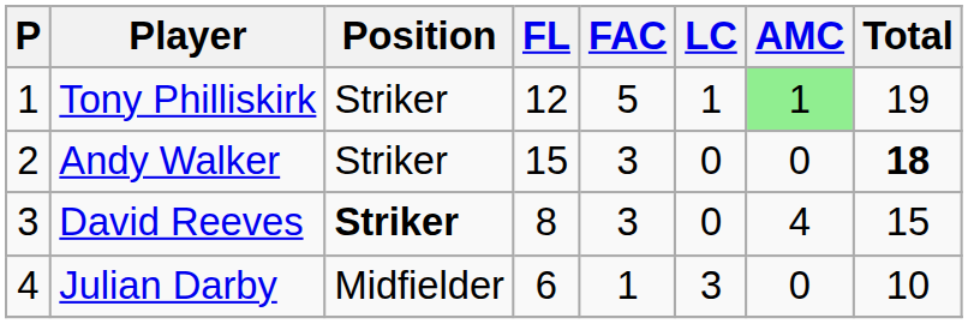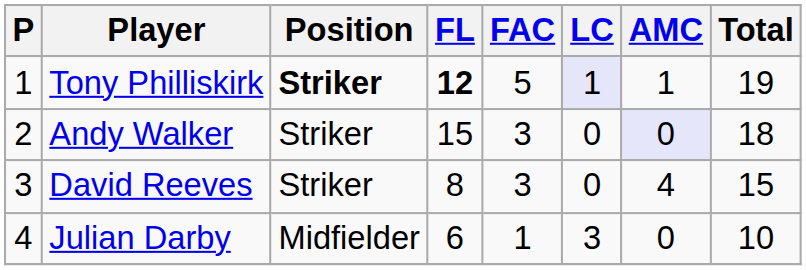 <table class="wikitable sortable">
 <tr>
 <th>P</th>
 <th>Player</th>
 <th>Position</th>
 <th><a href='#'>FL</a></th>
 <th><a href='#'>FAC</a></th>
 <th><a href='#'>LC</a></th>
 <th><a href='#'>AMC</a></th>
 <th>Total</th>
 </tr>
 <tr>
 <td align=center>1</td>
 <td> <a href='#'>Tony Philliskirk</a></td>
-<td>Striker</td>
-<td align=center>12</td>
+<td><strong>Striker</strong></td>
+<td align=center><strong>12</strong></td>
 <td align=center>5</td>
+<td align=center style="background: lavender;">1</td>
 <td align=center>1</td>
-<td align=center style="background: lightgreen;">1</td>
 <td align=center>19</td>
 </tr>
 <tr>
 <td align=center>2</td>
 <td> <a href='#'>Andy Walker</a></td>
 <td>Striker</td>
 <td align=center>15</td>
 <td align=center>3</td>
 <td align=center>0</td>
-<td align=center>0</td>
-<td align=center><strong>18</strong></td>
+<td align=center style="background: lavender;">0</td>
+<td align=center>18</td>
 </tr>
 <tr>
 <td align=center>3</td>
 <td> <a href='#'>David Reeves</a></td>
-<td><strong>Striker</strong></td>
+<td>Striker</td>
 <td align=center>8</td>
 <td align=center>3</td>
 <td align=center>0</td>
 <td align=center>4</td>
 <td align=center>15</td>
 </tr>
 <tr>
 <td align=center>4</td>
 <td> <a href='#'>Julian Darby</a></td>
 <td>Midfielder</td>
 <td align=center>6</td>
 <td align=center>1</td>
 <td align=center>3</td>
 <td align=center>0</td>
 <td align=center>10</td>
 </tr>
 <tr>
 </tr>
 </table>
